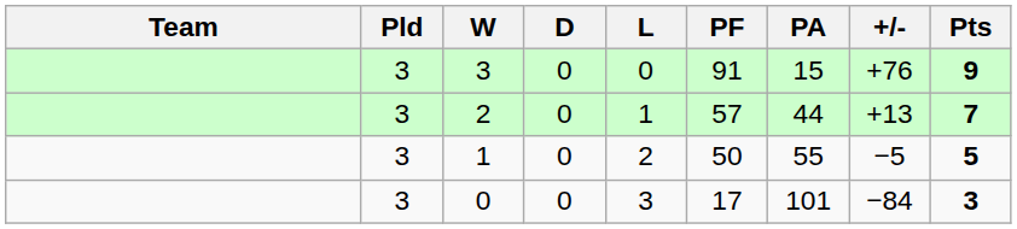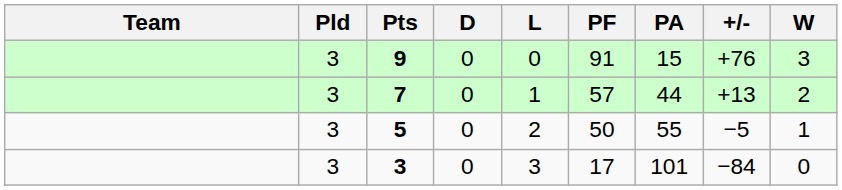 <table class="wikitable" style="text-align: center;">
 <tr>
 <th width="200">Team</th>
 <th width="40">Pld</th>
-<th width="40">W</th>
+<th width="40">Pts</th>
 <th width="40">D</th>
 <th width="40">L</th>
 <th width="40">PF</th>
 <th width="40">PA</th>
 <th width="40">+/-</th>
-<th width="40">Pts</th>
+<th width="40">W</th>
 </tr>
 <tr style="background-color:#ccffcc">
 <td style="text-align:left;"></td>
 <td>3</td>
-<td>3</td>
+<td><strong>9</strong></td>
 <td>0</td>
 <td>0</td>
 <td>91</td>
 <td>15</td>
 <td>+76</td>
-<td><strong>9</strong></td>
+<td>3</td>
 </tr>
 <tr style="background-color:#ccffcc">
 <td style="text-align:left;"></td>
 <td>3</td>
-<td>2</td>
+<td><strong>7</strong></td>
 <td>0</td>
 <td>1</td>
 <td>57</td>
 <td>44</td>
 <td>+13</td>
-<td><strong>7</strong></td>
+<td>2</td>
 </tr>
 <tr>
 <td style="text-align:left;"></td>
 <td>3</td>
-<td>1</td>
+<td><strong>5</strong></td>
 <td>0</td>
 <td>2</td>
 <td>50</td>
 <td>55</td>
 <td>−5</td>
-<td><strong>5</strong></td>
+<td>1</td>
 </tr>
 <tr>
 <td style="text-align:left;"></td>
 <td>3</td>
-<td>0</td>
+<td><strong>3</strong></td>
 <td>0</td>
 <td>3</td>
 <td>17</td>
 <td>101</td>
 <td>−84</td>
-<td><strong>3</strong></td>
+<td>0</td>
 </tr>
 </table>
